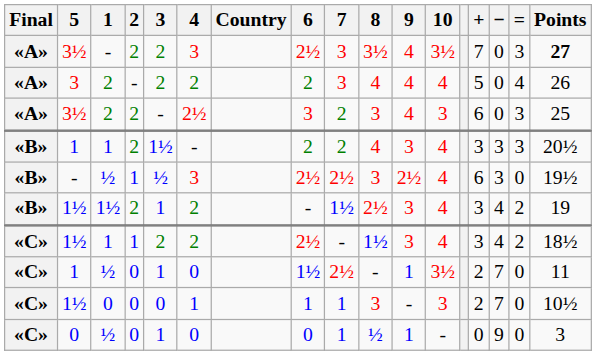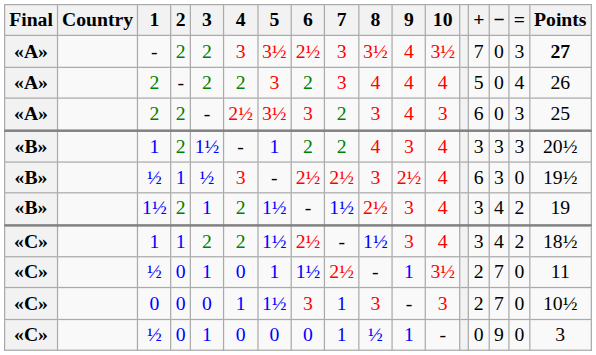 <table class="wikitable" style="text-align:center">
 <tr>
 <th>Final</th>
-<th>5</th>
+<th>Country</th>
 <th>1</th>
 <th>2</th>
 <th>3</th>
 <th>4</th>
-<th>Country</th>
+<th>5</th>
 <th>6</th>
 <th>7</th>
 <th>8</th>
 <th>9</th>
 <th>10</th>
 <th></th>
 <th>+</th>
 <th>−</th>
 <th>=</th>
 <th>Points</th>
 </tr>
 <tr>
 <th>«A»</th>
-<td style="color: red;">3½</td>
+<td style="text-align: left"></td>
 <td>-</td>
 <td style="color: green">2</td>
 <td style="color: green">2</td>
 <td style="color: red;">3</td>
-<td style="text-align: left"></td>
+<td style="color: red;">3½</td>
 <td style="color: red;">2½</td>
 <td style="color: red;">3</td>
 <td style="color: red;">3½</td>
 <td style="color: red;">4</td>
 <td style="color: red;">3½</td>
 <th></th>
 <td>7</td>
 <td>0</td>
 <td>3</td>
 <td><strong>27</strong></td>
 </tr>
 <tr>
 <th>«A»</th>
-<td style="color: red;">3</td>
+<td style="text-align: left"></td>
 <td style="color: green">2</td>
 <td>-</td>
 <td style="color: green">2</td>
 <td style="color: green">2</td>
-<td style="text-align: left"></td>
+<td style="color: red;">3</td>
 <td style="color: green">2</td>
 <td style="color: red;">3</td>
 <td style="color: red;">4</td>
 <td style="color: red;">4</td>
 <td style="color: red;">4</td>
 <th></th>
 <td>5</td>
 <td>0</td>
 <td>4</td>
 <td>26</td>
 </tr>
 <tr>
 <th>«A»</th>
-<td style="color: red;">3½</td>
+<td style="text-align: left"></td>
 <td style="color: green">2</td>
 <td style="color: green">2</td>
 <td>-</td>
 <td style="color: red;">2½</td>
-<td style="text-align: left"></td>
+<td style="color: red;">3½</td>
 <td style="color: red;">3</td>
 <td style="color: green">2</td>
 <td style="color: red;">3</td>
 <td style="color: red;">4</td>
 <td style="color: red;">3</td>
 <th></th>
 <td>6</td>
 <td>0</td>
 <td>3</td>
 <td>25</td>
 </tr>
 <tr style="border-top:2px solid grey;">
 <th>«B»</th>
-<td style="color: blue;">1</td>
+<td style="text-align: left"></td>
 <td style="color: blue;">1</td>
 <td style="color: green">2</td>
 <td style="color: blue;">1½</td>
 <td>-</td>
-<td style="text-align: left"></td>
+<td style="color: blue;">1</td>
 <td style="color: green">2</td>
 <td style="color: green">2</td>
 <td style="color: red;">4</td>
 <td style="color: red;">3</td>
 <td style="color: red;">4</td>
 <th></th>
 <td>3</td>
 <td>3</td>
 <td>3</td>
 <td>20½</td>
 </tr>
 <tr>
 <th>«B»</th>
-<td>-</td>
+<td style="text-align: left"></td>
 <td style="color: blue;">½</td>
 <td style="color: blue;">1</td>
 <td style="color: blue;">½</td>
 <td style="color: red;">3</td>
-<td style="text-align: left"></td>
+<td>-</td>
 <td style="color: red;">2½</td>
 <td style="color: red;">2½</td>
 <td style="color: red;">3</td>
 <td style="color: red;">2½</td>
 <td style="color: red;">4</td>
 <th></th>
 <td>6</td>
 <td>3</td>
 <td>0</td>
 <td>19½</td>
 </tr>
 <tr>
 <th>«B»</th>
-<td style="color: blue;">1½</td>
+<td style="text-align: left"></td>
 <td style="color: blue;">1½</td>
 <td style="color: green">2</td>
 <td style="color: blue;">1</td>
 <td style="color: green">2</td>
-<td style="text-align: left"></td>
+<td style="color: blue;">1½</td>
 <td>-</td>
 <td style="color: blue;">1½</td>
 <td style="color: red;">2½</td>
 <td style="color: red;">3</td>
 <td style="color: red;">4</td>
 <th></th>
 <td>3</td>
 <td>4</td>
 <td>2</td>
 <td>19</td>
 </tr>
 <tr style="border-top:2px solid grey;">
 <th>«C»</th>
-<td style="color: blue;">1½</td>
+<td style="text-align: left"></td>
 <td style="color: blue;">1</td>
 <td style="color: blue;">1</td>
 <td style="color: green">2</td>
 <td style="color: green">2</td>
-<td style="text-align: left"></td>
+<td style="color: blue;">1½</td>
 <td style="color: red;">2½</td>
 <td>-</td>
 <td style="color: blue;">1½</td>
 <td style="color: red;">3</td>
 <td style="color: red;">4</td>
 <th></th>
 <td>3</td>
 <td>4</td>
 <td>2</td>
 <td>18½</td>
 </tr>
 <tr>
 <th>«C»</th>
-<td style="color: blue;">1</td>
+<td style="text-align: left"></td>
 <td style="color: blue;">½</td>
 <td style="color: blue;">0</td>
 <td style="color: blue;">1</td>
 <td style="color: blue;">0</td>
-<td style="text-align: left"></td>
+<td style="color: blue;">1</td>
 <td style="color: blue;">1½</td>
 <td style="color: red;">2½</td>
 <td>-</td>
 <td style="color: blue;">1</td>
 <td style="color: red;">3½</td>
 <th></th>
 <td>2</td>
 <td>7</td>
 <td>0</td>
 <td>11</td>
 </tr>
 <tr>
 <th>«C»</th>
-<td style="color: blue;">1½</td>
+<td style="text-align: left"></td>
 <td style="color: blue;">0</td>
 <td style="color: blue;">0</td>
 <td style="color: blue;">0</td>
 <td style="color: blue;">1</td>
-<td style="text-align: left"></td>
-<td style="color: blue;">1</td>
+<td style="color: blue;">1½</td>
+<td style="color: red;">3</td>
 <td style="color: blue;">1</td>
 <td style="color: red;">3</td>
 <td>-</td>
 <td style="color: red;">3</td>
 <th></th>
 <td>2</td>
 <td>7</td>
 <td>0</td>
 <td>10½</td>
 </tr>
 <tr>
 <th>«C»</th>
-<td style="color: blue;">0</td>
+<td style="text-align: left"></td>
 <td style="color: blue;">½</td>
 <td style="color: blue;">0</td>
 <td style="color: blue;">1</td>
 <td style="color: blue;">0</td>
-<td style="text-align: left"></td>
+<td style="color: blue;">0</td>
 <td style="color: blue;">0</td>
 <td style="color: blue;">1</td>
 <td style="color: blue;">½</td>
 <td style="color: blue;">1</td>
 <td>-</td>
 <th></th>
 <td>0</td>
 <td>9</td>
 <td>0</td>
 <td>3</td>
 </tr>
 </table>
